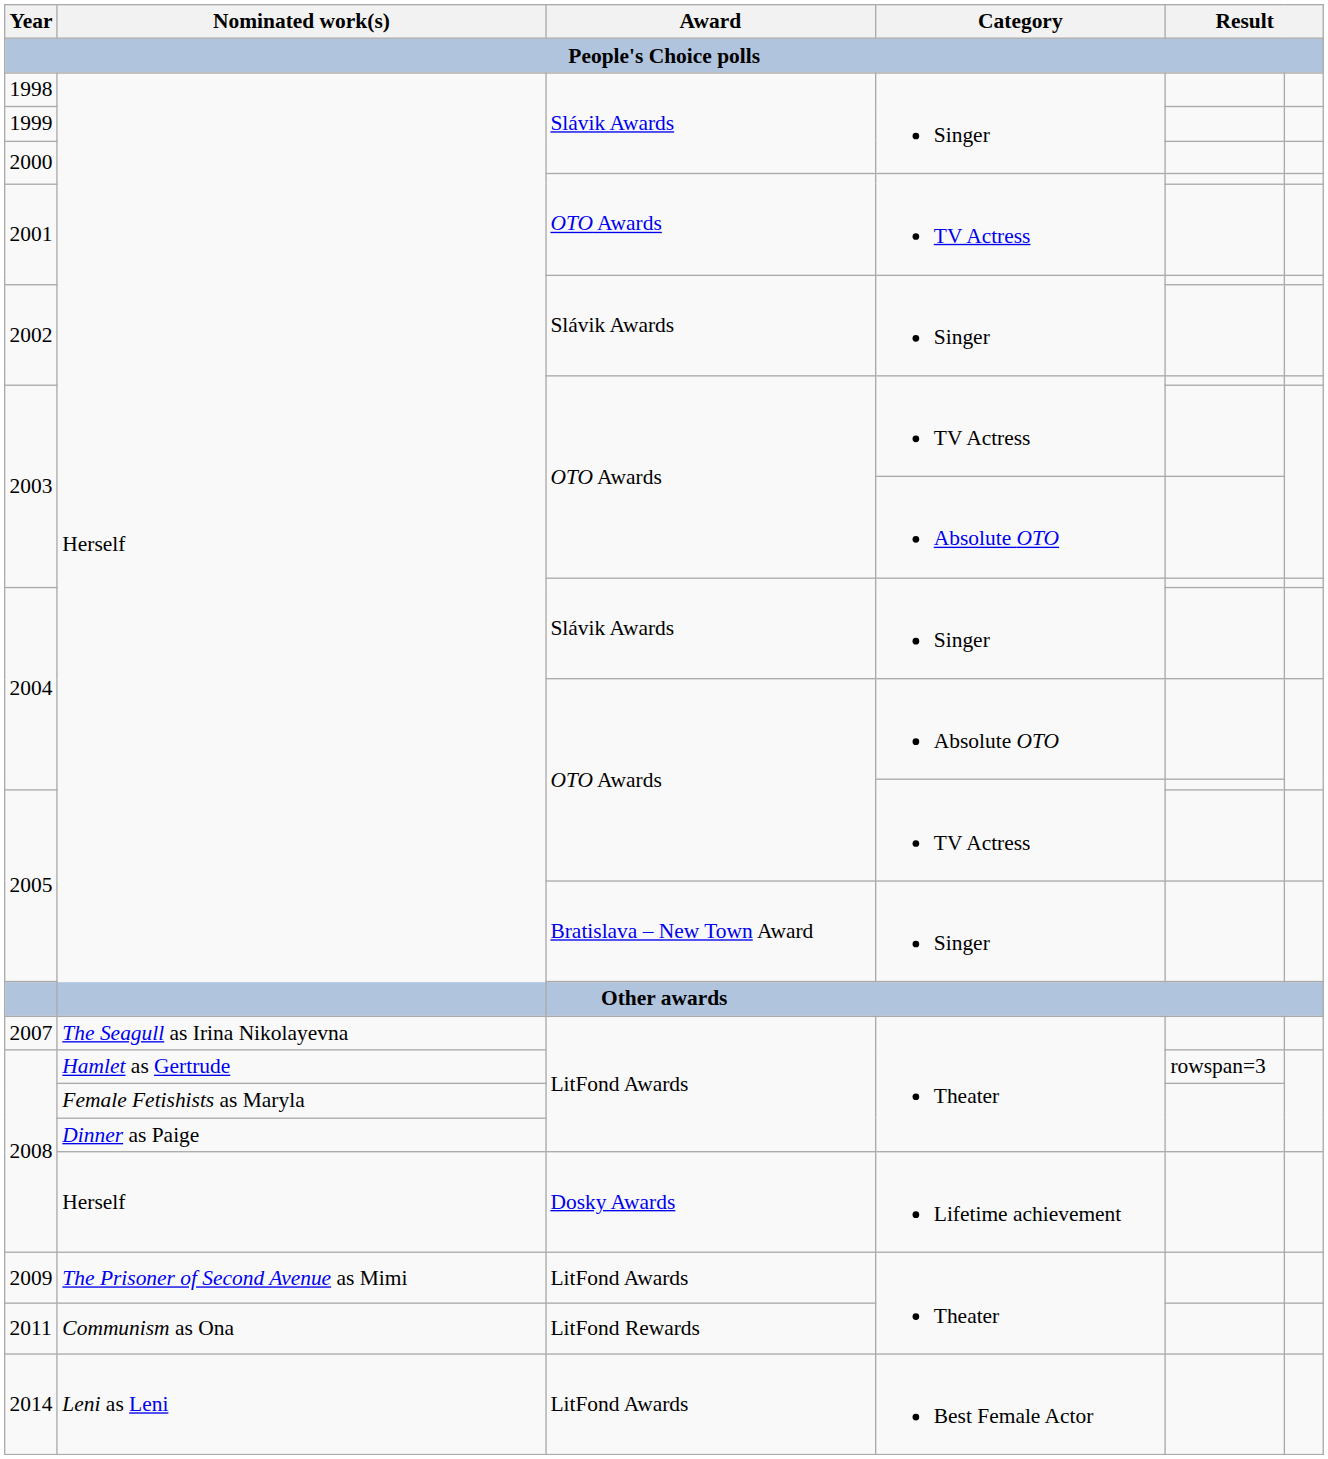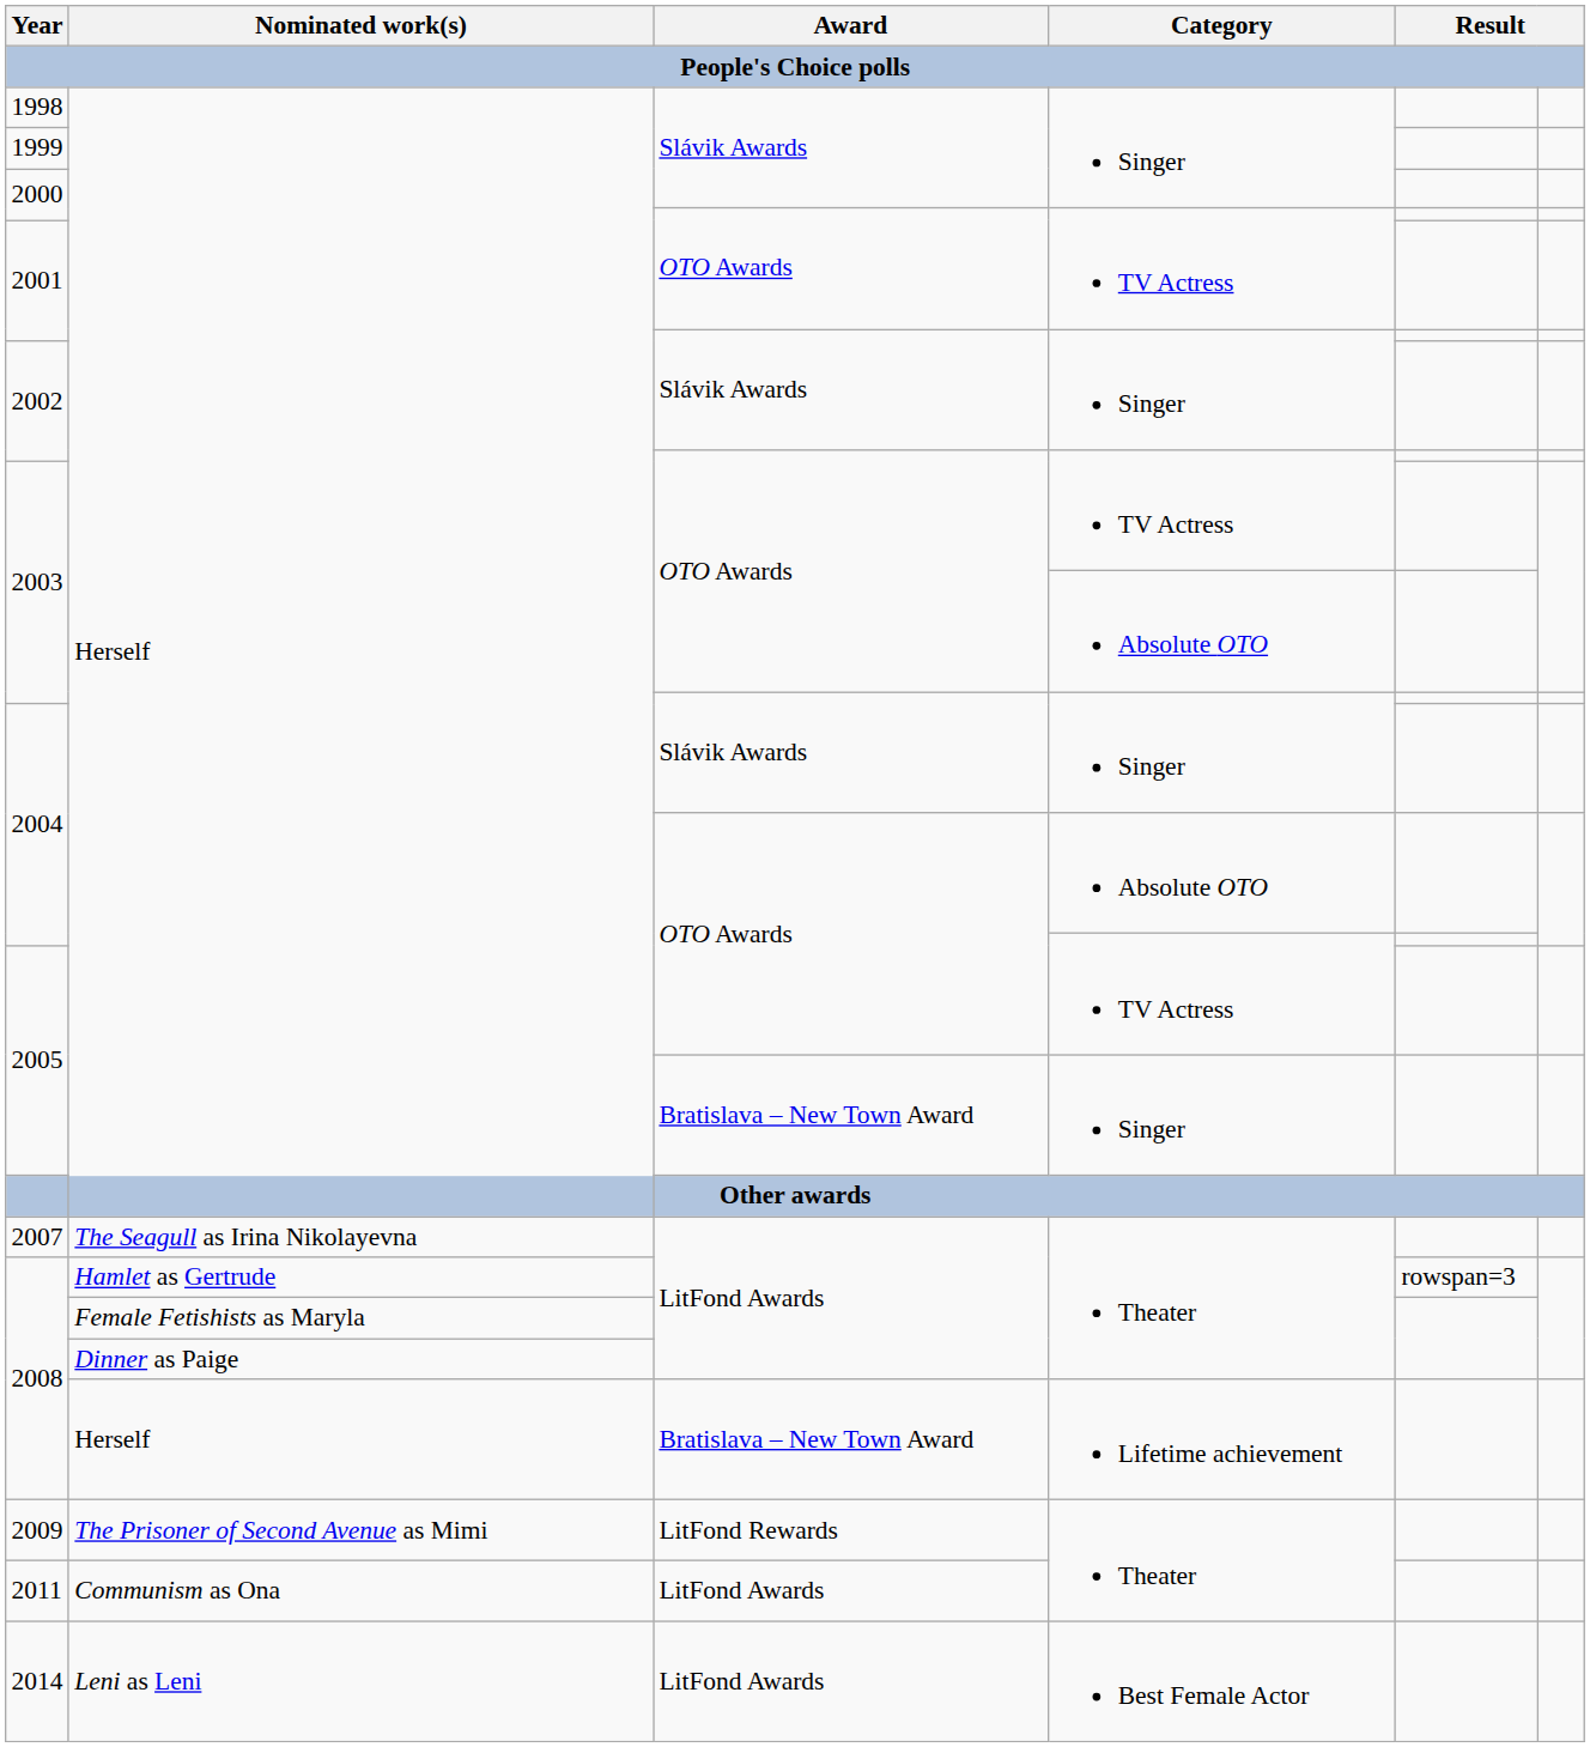 <table class="wikitable">
 <tr>
 <th width=4%>Year</th>
 <th width=37%>Nominated work(s)</th>
 <th width=25%>Award</th>
 <th width=22%>Category</th>
 <th width=12% colspan="2">Result</th>
 </tr>
 <tr>
 <th colspan="7" width=100% style="background:#B0C4DE;">People's Choice polls</th>
 </tr>
 <tr>
 <td>1998</td>
 <td rowspan=17>Herself</td>
 <td rowspan=3><a href='#'>Slávik Awards</a></td>
 <td rowspan=3><br><ul><li>Singer</li></ul></td>
 <td></td>
 <td width=3%></td>
 </tr>
 <tr>
 <td>1999</td>
 <td></td>
 <td width=3%></td>
 </tr>
 <tr>
 <td rowspan=2>2000</td>
 <td></td>
 <td width=3%></td>
 </tr>
 <tr>
 <td rowspan=2><a href='#'><em>OTO</em> Awards</a></td>
 <td rowspan=2><br><ul><li><a href='#'>TV Actress</a></li></ul></td>
 <td></td>
 <td width=3%></td>
 </tr>
 <tr>
 <td rowspan=2>2001</td>
 <td></td>
 <td width=3%></td>
 </tr>
 <tr>
 <td rowspan=2>Slávik Awards</td>
 <td rowspan=2><br><ul><li>Singer</li></ul></td>
 <td></td>
 <td width=3%></td>
 </tr>
 <tr>
 <td rowspan=2>2002</td>
 <td></td>
 <td width=3%></td>
 </tr>
 <tr>
 <td rowspan=3><em>OTO</em> Awards</td>
 <td rowspan=2><br><ul><li>TV Actress</li></ul></td>
 <td></td>
 <td width=3%></td>
 </tr>
 <tr>
 <td rowspan=3>2003</td>
 <td></td>
 <td width=3% rowspan=2></td>
 </tr>
 <tr>
 <td><br><ul><li><a href='#'>Absolute <em>OTO</em></a></li></ul></td>
 <td></td>
 </tr>
 <tr>
 <td rowspan=2>Slávik Awards</td>
 <td rowspan=2><br><ul><li>Singer</li></ul></td>
 <td></td>
 <td width=3%></td>
 </tr>
 <tr>
 <td rowspan=3>2004</td>
 <td></td>
 <td width=3%></td>
 </tr>
 <tr>
 <td rowspan=3><em>OTO</em> Awards</td>
 <td><br><ul><li>Absolute <em>OTO</em></li></ul></td>
 <td></td>
 <td width=3% rowspan=2></td>
 </tr>
 <tr>
 <td rowspan=2><br><ul><li>TV Actress</li></ul></td>
 <td></td>
 </tr>
 <tr>
 <td rowspan=2>2005</td>
 <td></td>
 <td width=3%></td>
 </tr>
 <tr>
 <td><a href='#'>Bratislava – New Town</a> Award</td>
 <td><br><ul><li>Singer</li></ul></td>
 <td></td>
 <td width=3%></td>
 </tr>
 <tr>
 <th colspan="7" width=100% style="background:#B0C4DE;">Other awards</th>
 </tr>
 <tr>
 <td>2007</td>
 <td><em><a href='#'>The Seagull</a></em> as Irina Nikolayevna</td>
 <td rowspan=4>LitFond Awards</td>
 <td rowspan=4><br><ul><li>Theater</li></ul></td>
 <td></td>
 <td width=3%></td>
 </tr>
 <tr>
 <td rowspan=4>2008</td>
 <td><em><a href='#'>Hamlet</a></em> as <a href='#'>Gertrude</a></td>
 <td>rowspan=3 </td>
 <td rowspan=3 width=3%></td>
 </tr>
 <tr>
 <td><em>Female Fetishists</em>  as Maryla</td>
 </tr>
 <tr>
 <td><em><a href='#'>Dinner</a></em> as Paige</td>
 </tr>
 <tr>
 <td>Herself</td>
-<td><a href='#'>Dosky Awards</a></td>
+<td><a href='#'>Bratislava – New Town</a> Award</td>
 <td><br><ul><li>Lifetime achievement</li></ul></td>
 <td></td>
 <td width=3%></td>
 </tr>
 <tr>
 <td>2009</td>
 <td><em><a href='#'>The Prisoner of Second Avenue</a></em> as Mimi</td>
-<td>LitFond Awards</td>
+<td>LitFond Rewards</td>
 <td rowspan=2><br><ul><li>Theater</li></ul></td>
 <td></td>
 <td width=3%></td>
 </tr>
 <tr>
 <td>2011</td>
 <td><em>Communism</em>  as Ona</td>
-<td>LitFond Rewards</td>
+<td>LitFond Awards</td>
 <td></td>
 <td width=3%></td>
 </tr>
 <tr>
 <td>2014</td>
 <td><em>Leni</em>  as <a href='#'>Leni</a></td>
 <td>LitFond Awards</td>
 <td><br><ul><li>Best Female Actor</li></ul></td>
 <td></td>
 <td width=3%></td>
 </tr>
 </table>
